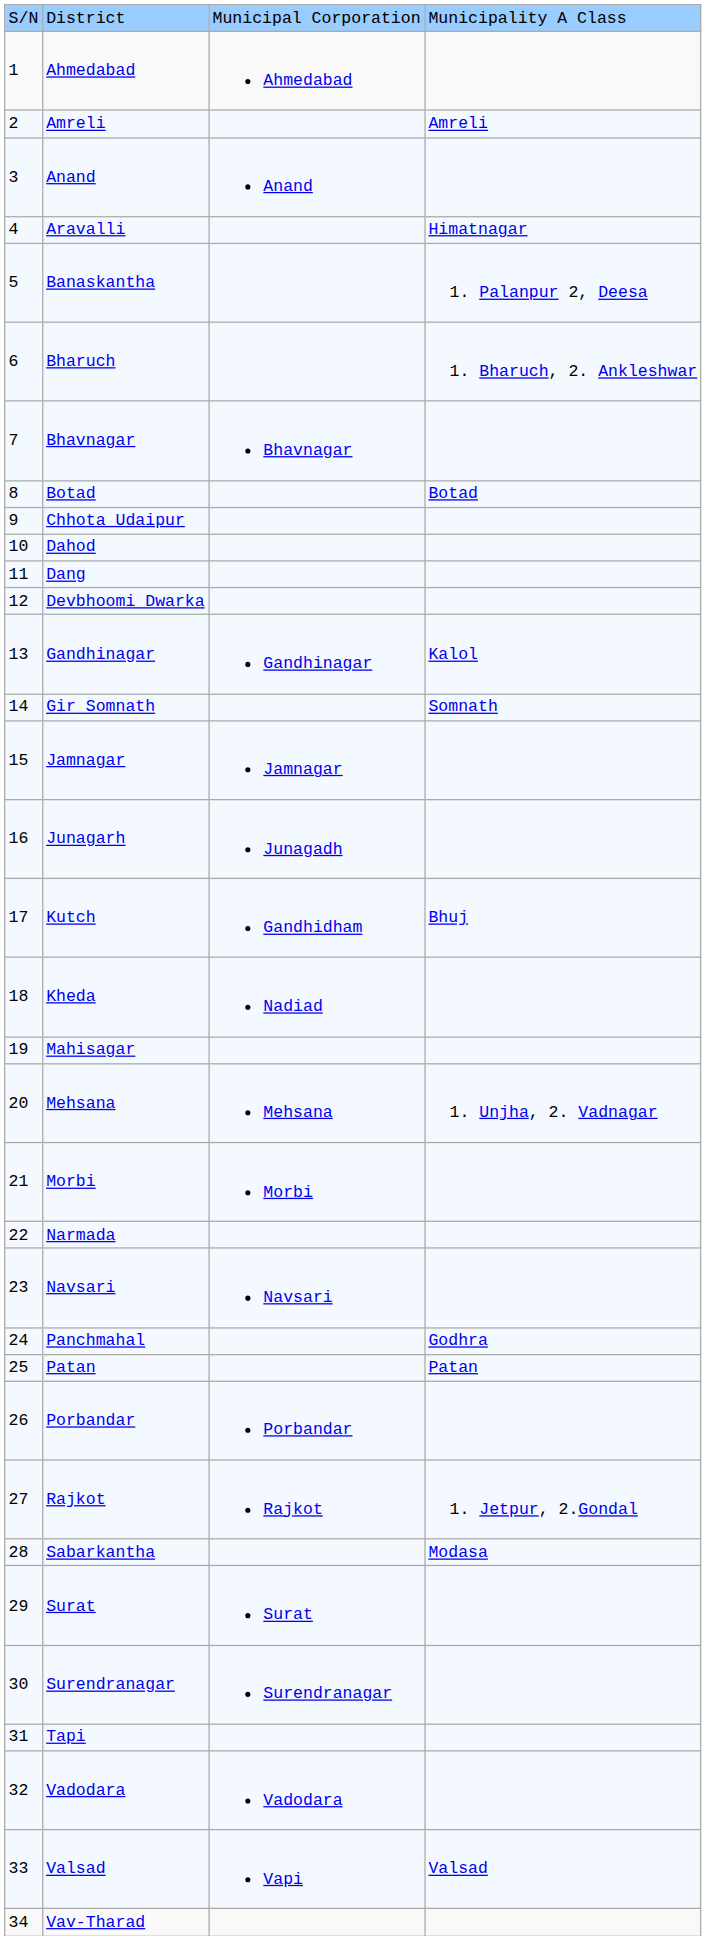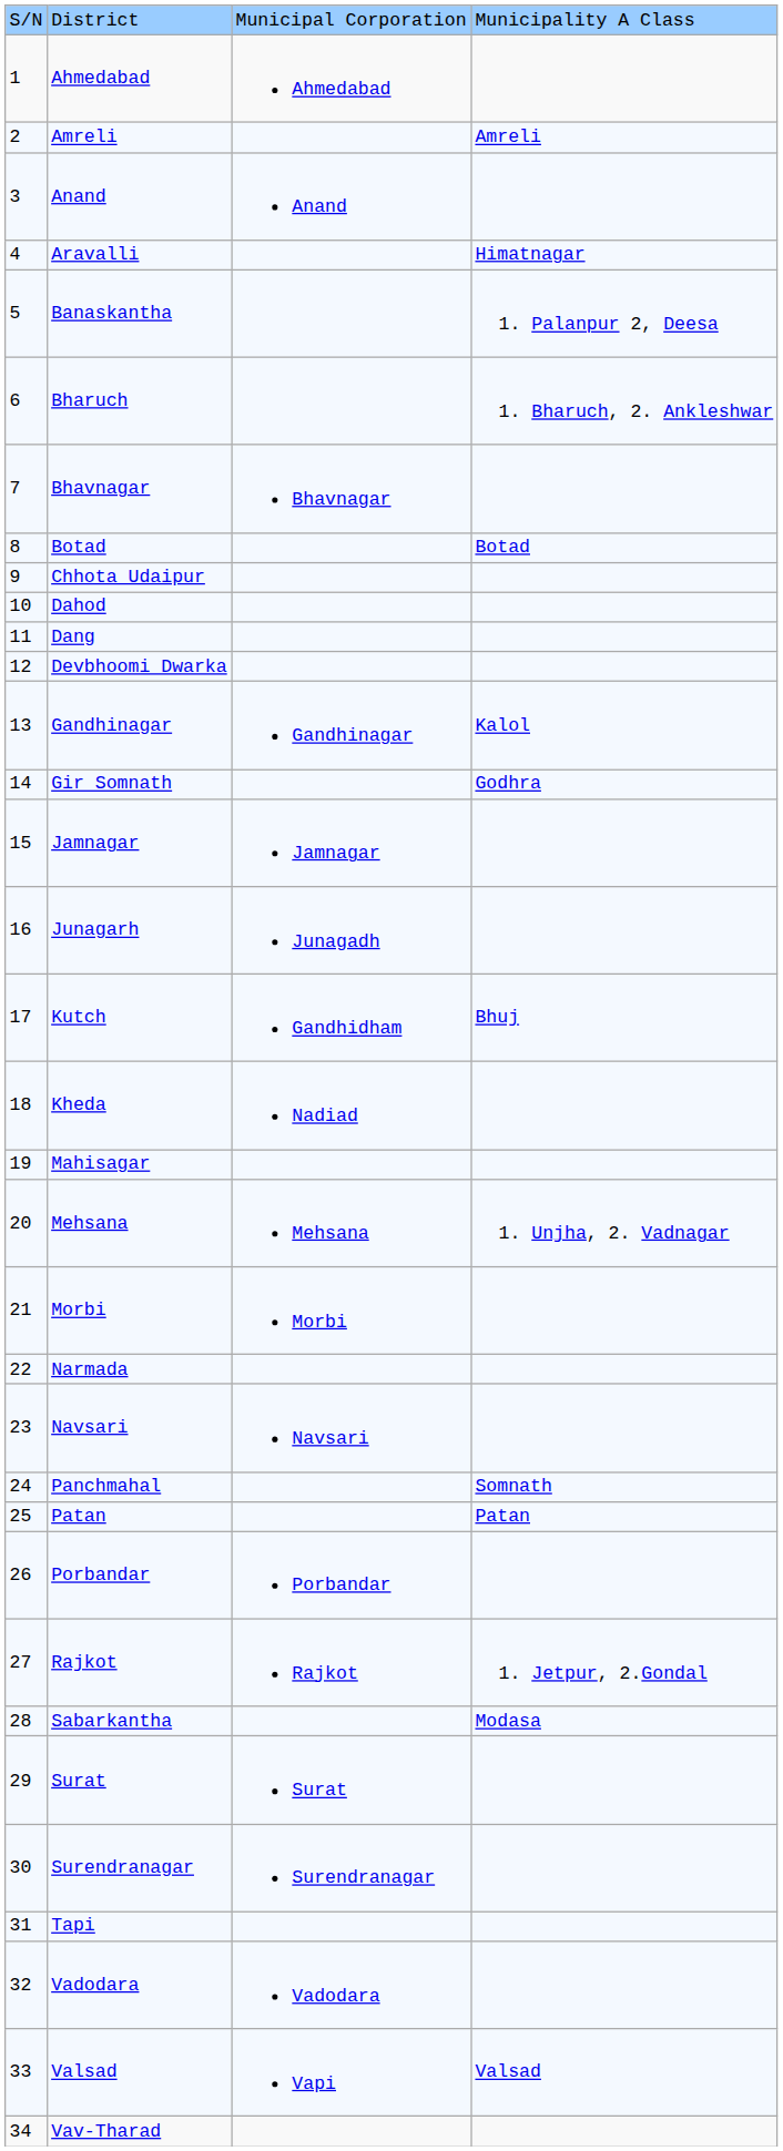 <table class="wikitable sortable">
 <tr bgcolor="#99ccff">
 <td>S/N</td>
 <td>District</td>
 <td>Municipal Corporation</td>
 <td>Municipality A Class</td>
 </tr>
 <tr>
 <td>1</td>
 <td><a href='#'>Ahmedabad</a></td>
 <td><br><ul><li><a href='#'>Ahmedabad</a></li></ul></td>
 <td></td>
 </tr>
 <tr bgcolor="#F4F9FF">
 <td>2</td>
 <td><a href='#'>Amreli</a></td>
 <td></td>
 <td><a href='#'>Amreli</a></td>
 </tr>
 <tr bgcolor="#F4F9FF">
 <td>3</td>
 <td><a href='#'>Anand</a></td>
 <td><br><ul><li><a href='#'>Anand</a></li></ul></td>
 <td></td>
 </tr>
 <tr bgcolor="#F4F9FF">
 <td>4</td>
 <td><a href='#'>Aravalli</a></td>
 <td></td>
 <td><a href='#'>Himatnagar</a></td>
 </tr>
 <tr bgcolor="#F4F9FF">
 <td>5</td>
 <td><a href='#'>Banaskantha</a></td>
 <td></td>
 <td><br><ol><li><a href='#'>Palanpur</a> 2, <a href='#'>Deesa</a></li></ol></td>
 </tr>
 <tr bgcolor="#F4F9FF">
 <td>6</td>
 <td><a href='#'>Bharuch</a></td>
 <td></td>
 <td><br><ol><li><a href='#'>Bharuch</a>, 2. <a href='#'>Ankleshwar</a></li></ol></td>
 </tr>
 <tr bgcolor="#F4F9FF">
 <td>7</td>
 <td><a href='#'>Bhavnagar</a></td>
 <td><br><ul><li><a href='#'>Bhavnagar</a></li></ul></td>
 <td></td>
 </tr>
 <tr bgcolor="#F4F9FF">
 <td>8</td>
 <td><a href='#'>Botad</a></td>
 <td></td>
 <td><a href='#'>Botad</a></td>
 </tr>
 <tr bgcolor="#F4F9FF">
 <td>9</td>
 <td><a href='#'>Chhota Udaipur</a></td>
 <td></td>
 <td></td>
 </tr>
 <tr bgcolor="#F4F9FF">
 <td>10</td>
 <td><a href='#'>Dahod</a></td>
 <td></td>
 <td></td>
 </tr>
 <tr bgcolor="#F4F9FF">
 <td>11</td>
 <td><a href='#'>Dang</a></td>
 <td></td>
 <td></td>
 </tr>
 <tr bgcolor="#F4F9FF">
 <td>12</td>
 <td><a href='#'>Devbhoomi Dwarka</a></td>
 <td></td>
 <td></td>
 </tr>
 <tr bgcolor="#F4F9FF">
 <td>13</td>
 <td><a href='#'>Gandhinagar</a></td>
 <td><br><ul><li><a href='#'>Gandhinagar</a></li></ul></td>
 <td><a href='#'>Kalol</a></td>
 </tr>
 <tr bgcolor="#F4F9FF">
 <td>14</td>
 <td><a href='#'>Gir Somnath</a></td>
 <td></td>
-<td><a href='#'>Somnath</a></td>
+<td><a href='#'>Godhra</a></td>
 </tr>
 <tr bgcolor="#F4F9FF">
 <td>15</td>
 <td><a href='#'>Jamnagar</a></td>
 <td><br><ul><li><a href='#'>Jamnagar</a></li></ul></td>
 <td></td>
 </tr>
 <tr bgcolor="#F4F9FF">
 <td>16</td>
 <td><a href='#'>Junagarh</a></td>
 <td><br><ul><li><a href='#'>Junagadh</a></li></ul></td>
 <td></td>
 </tr>
 <tr bgcolor="#F4F9FF">
 <td>17</td>
 <td><a href='#'>Kutch</a></td>
 <td><br><ul><li><a href='#'>Gandhidham</a></li></ul></td>
 <td><a href='#'>Bhuj</a></td>
 </tr>
 <tr bgcolor="#F4F9FF">
 <td>18</td>
 <td><a href='#'>Kheda</a></td>
 <td><br><ul><li><a href='#'>Nadiad</a></li></ul></td>
 <td></td>
 </tr>
 <tr bgcolor="#F4F9FF">
 <td>19</td>
 <td><a href='#'>Mahisagar</a></td>
 <td></td>
 <td></td>
 </tr>
 <tr bgcolor="#F4F9FF">
 <td>20</td>
 <td><a href='#'>Mehsana</a></td>
 <td><br><ul><li><a href='#'>Mehsana</a></li></ul></td>
 <td><br><ol><li><a href='#'>Unjha</a>, 2. <a href='#'>Vadnagar</a></li></ol></td>
 </tr>
 <tr bgcolor="#F4F9FF">
 <td>21</td>
 <td><a href='#'>Morbi</a></td>
 <td><br><ul><li><a href='#'>Morbi</a></li></ul></td>
 <td></td>
 </tr>
 <tr bgcolor="#F4F9FF">
 <td>22</td>
 <td><a href='#'>Narmada</a></td>
 <td></td>
 <td></td>
 </tr>
 <tr bgcolor="#F4F9FF">
 <td>23</td>
 <td><a href='#'>Navsari</a></td>
 <td><br><ul><li><a href='#'>Navsari</a></li></ul></td>
 <td></td>
 </tr>
 <tr bgcolor="#F4F9FF">
 <td>24</td>
 <td><a href='#'>Panchmahal</a></td>
 <td></td>
-<td><a href='#'>Godhra</a></td>
+<td><a href='#'>Somnath</a></td>
 </tr>
 <tr bgcolor="#F4F9FF">
 <td>25</td>
 <td><a href='#'>Patan</a></td>
 <td></td>
 <td><a href='#'>Patan</a></td>
 </tr>
 <tr bgcolor="#F4F9FF">
 <td>26</td>
 <td><a href='#'>Porbandar</a></td>
 <td><br><ul><li><a href='#'>Porbandar</a></li></ul></td>
 <td></td>
 </tr>
 <tr bgcolor="#F4F9FF">
 <td>27</td>
 <td><a href='#'>Rajkot</a></td>
 <td><br><ul><li><a href='#'>Rajkot</a></li></ul></td>
 <td><br><ol><li><a href='#'>Jetpur</a>, 2.<a href='#'>Gondal</a></li></ol></td>
 </tr>
 <tr bgcolor="#F4F9FF">
 <td>28</td>
 <td><a href='#'>Sabarkantha</a></td>
 <td></td>
 <td><a href='#'>Modasa</a></td>
 </tr>
 <tr bgcolor="#F4F9FF">
 <td>29</td>
 <td><a href='#'>Surat</a></td>
 <td><br><ul><li><a href='#'>Surat</a></li></ul></td>
 <td></td>
 </tr>
 <tr bgcolor="#F4F9FF">
 <td>30</td>
 <td><a href='#'>Surendranagar</a></td>
 <td><br><ul><li><a href='#'>Surendranagar</a></li></ul></td>
 <td></td>
 </tr>
 <tr bgcolor="#F4F9FF">
 <td>31</td>
 <td><a href='#'>Tapi</a></td>
 <td></td>
 <td></td>
 </tr>
 <tr bgcolor="#F4F9FF">
 <td>32</td>
 <td><a href='#'>Vadodara</a></td>
 <td><br><ul><li><a href='#'>Vadodara</a></li></ul></td>
 <td></td>
 </tr>
 <tr bgcolor="#F4F9FF">
 <td>33</td>
 <td><a href='#'>Valsad</a></td>
 <td><br><ul><li><a href='#'>Vapi</a></li></ul></td>
 <td><a href='#'>Valsad</a></td>
 </tr>
 <tr>
 <td>34</td>
 <td><a href='#'>Vav-Tharad</a></td>
 <td></td>
 <td></td>
 </tr>
 </table>
